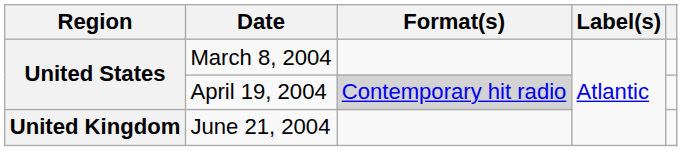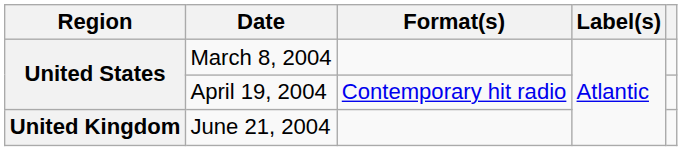 <table class="wikitable plainrowheaders">
 <tr>
 <th scope="col">Region</th>
 <th scope="col">Date</th>
 <th scope="col">Format(s)</th>
 <th scope="col">Label(s)</th>
 <th scope="col"></th>
 </tr>
 <tr>
 <th scope="row" rowspan="2">United States</th>
 <td>March 8, 2004</td>
 <td></td>
 <td rowspan="3"><a href='#'>Atlantic</a></td>
 <td></td>
 </tr>
 <tr>
 <td>April 19, 2004</td>
-<td style="background: lightgrey;"><a href='#'>Contemporary hit radio</a></td>
+<td><a href='#'>Contemporary hit radio</a></td>
 <td></td>
 </tr>
 <tr>
 <th scope="row">United Kingdom</th>
 <td>June 21, 2004</td>
 <td></td>
 <td></td>
 </tr>
 </table>
